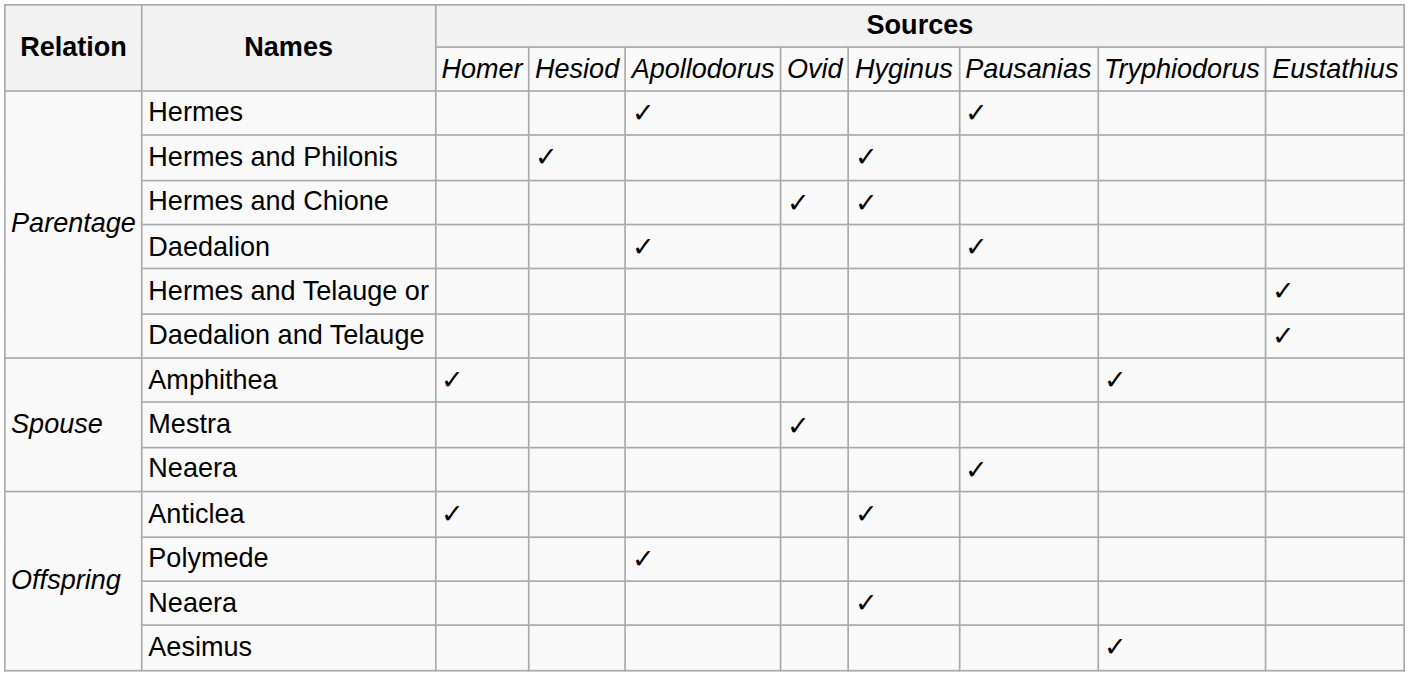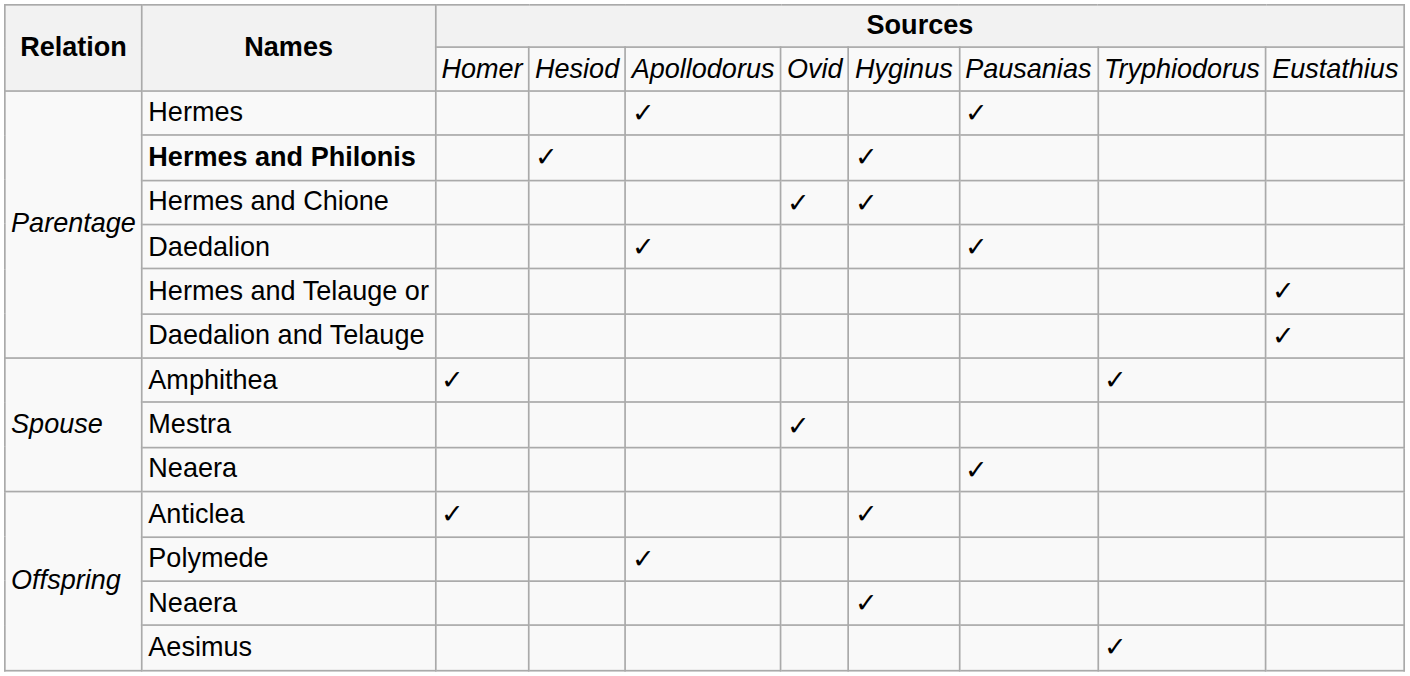 <table class="wikitable">
 <tr>
 <th rowspan="2">Relation</th>
 <th rowspan="2">Names</th>
 <th colspan="8">Sources</th>
 </tr>
 <tr>
 <td><em>Homer</em></td>
 <td><em>Hesiod</em></td>
 <td><em>Apollodorus</em></td>
 <td><em>Ovid</em></td>
 <td><em>Hyginus</em></td>
 <td><em>Pausanias</em></td>
 <td><em>Tryphiodorus</em></td>
 <td><em>Eustathius</em></td>
 </tr>
 <tr>
 <td rowspan="6"><em>Parentage</em></td>
 <td>Hermes</td>
 <td></td>
 <td></td>
 <td>✓</td>
 <td></td>
 <td></td>
 <td>✓</td>
 <td></td>
 <td></td>
 </tr>
 <tr>
-<td>Hermes and Philonis</td>
+<td><strong>Hermes and Philonis</strong></td>
 <td></td>
 <td>✓</td>
 <td></td>
 <td></td>
 <td>✓</td>
 <td></td>
 <td></td>
 <td></td>
 </tr>
 <tr>
 <td>Hermes and Chione</td>
 <td></td>
 <td></td>
 <td></td>
 <td>✓</td>
 <td>✓</td>
 <td></td>
 <td></td>
 <td></td>
 </tr>
 <tr>
 <td>Daedalion</td>
 <td></td>
 <td></td>
 <td>✓</td>
 <td></td>
 <td></td>
 <td>✓</td>
 <td></td>
 <td></td>
 </tr>
 <tr>
 <td>Hermes and Telauge or</td>
 <td></td>
 <td></td>
 <td></td>
 <td></td>
 <td></td>
 <td></td>
 <td></td>
 <td>✓</td>
 </tr>
 <tr>
 <td>Daedalion and Telauge</td>
 <td></td>
 <td></td>
 <td></td>
 <td></td>
 <td></td>
 <td></td>
 <td></td>
 <td>✓</td>
 </tr>
 <tr>
 <td rowspan="3"><em>Spouse</em></td>
 <td>Amphithea</td>
 <td>✓</td>
 <td></td>
 <td></td>
 <td></td>
 <td></td>
 <td></td>
 <td>✓</td>
 <td></td>
 </tr>
 <tr>
 <td>Mestra</td>
 <td></td>
 <td></td>
 <td></td>
 <td>✓</td>
 <td></td>
 <td></td>
 <td></td>
 <td></td>
 </tr>
 <tr>
 <td>Neaera</td>
 <td></td>
 <td></td>
 <td></td>
 <td></td>
 <td></td>
 <td>✓</td>
 <td></td>
 <td></td>
 </tr>
 <tr>
 <td rowspan="4"><em>Offspring</em></td>
 <td>Anticlea</td>
 <td>✓</td>
 <td></td>
 <td></td>
 <td></td>
 <td>✓</td>
 <td></td>
 <td></td>
 <td></td>
 </tr>
 <tr>
 <td>Polymede</td>
 <td></td>
 <td></td>
 <td>✓</td>
 <td></td>
 <td></td>
 <td></td>
 <td></td>
 <td></td>
 </tr>
 <tr>
 <td>Neaera</td>
 <td></td>
 <td></td>
 <td></td>
 <td></td>
 <td>✓</td>
 <td></td>
 <td></td>
 <td></td>
 </tr>
 <tr>
 <td>Aesimus</td>
 <td></td>
 <td></td>
 <td></td>
 <td></td>
 <td></td>
 <td></td>
 <td>✓</td>
 <td></td>
 </tr>
 </table>
